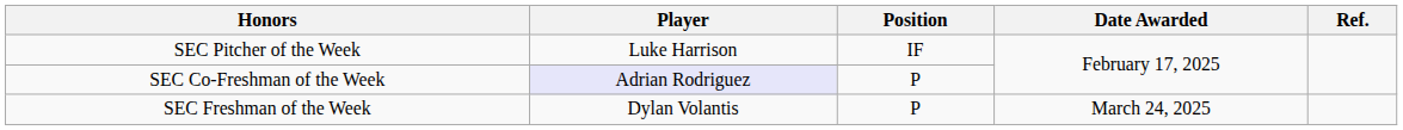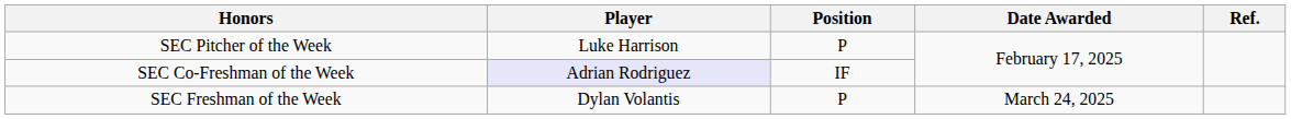 <table class="wikitable" style="width: 60%;text-align: center;">
 <tr>
 <th>Honors</th>
 <th>Player</th>
 <th>Position</th>
 <th>Date Awarded</th>
 <th>Ref.</th>
 </tr>
 <tr align="center">
 <td rowspan="1">SEC Pitcher of the Week</td>
 <td>Luke Harrison</td>
-<td>IF</td>
+<td>P</td>
 <td rowspan="2">February 17, 2025</td>
 <td rowspan="2"></td>
 </tr>
 <tr align="center">
 <td rowspan="1">SEC Co-Freshman of the Week</td>
 <td style="background: lavender;">Adrian Rodriguez</td>
-<td>P</td>
+<td>IF</td>
 </tr>
 <tr align="center">
 <td rowspan="1">SEC Freshman of the Week</td>
 <td>Dylan Volantis</td>
 <td>P</td>
 <td rowspan="1">March 24, 2025</td>
 <td rowspan="1"></td>
 </tr>
 </table>
